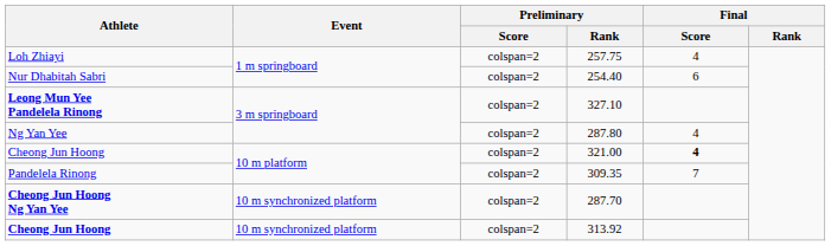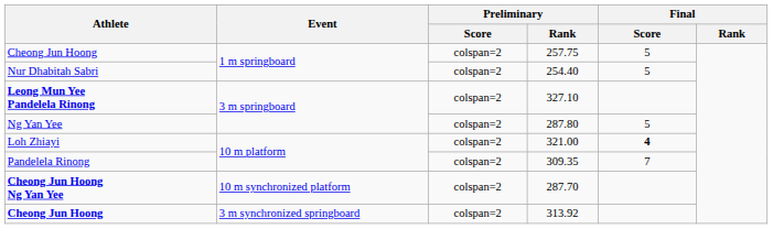 <table class="wikitable" width="75%" style="text-align:center; font-size:90%;">
 <tr>
 <th rowspan="2" width="15%">Athlete</th>
 <th rowspan="2" width="15%">Event</th>
 <th colspan="2" width="12%">Preliminary</th>
 <th colspan="2" width="12%">Final</th>
 </tr>
 <tr>
 <th width="7%">Score</th>
 <th>Rank</th>
 <th width="7%">Score</th>
 <th>Rank</th>
 </tr>
 <tr>
-<td align=left><a href='#'>Loh Zhiayi</a></td>
+<td align=left><a href='#'>Cheong Jun Hoong</a></td>
 <td align=left rowspan=2><a href='#'>1 m springboard</a></td>
 <td>colspan=2 </td>
 <td>257.75</td>
-<td>4</td>
+<td>5</td>
 </tr>
 <tr>
 <td align=left><a href='#'>Nur Dhabitah Sabri</a></td>
 <td>colspan=2 </td>
 <td>254.40</td>
-<td>6</td>
+<td>5</td>
 </tr>
 <tr>
 <td align=left><strong><a href='#'>Leong Mun Yee</a><br><a href='#'>Pandelela Rinong</a></strong></td>
 <td align=left rowspan=2><a href='#'>3 m springboard</a></td>
 <td>colspan=2 </td>
 <td>327.10</td>
 <td></td>
 </tr>
 <tr>
 <td align=left><a href='#'>Ng Yan Yee</a></td>
 <td>colspan=2 </td>
 <td>287.80</td>
-<td>4</td>
+<td>5</td>
 </tr>
 <tr>
-<td align=left><a href='#'>Cheong Jun Hoong</a></td>
+<td align=left><a href='#'>Loh Zhiayi</a></td>
 <td align=left rowspan=2><a href='#'>10 m platform</a></td>
 <td>colspan=2 </td>
 <td>321.00</td>
 <td><strong>4</strong></td>
 </tr>
 <tr>
 <td align=left><a href='#'>Pandelela Rinong</a></td>
 <td>colspan=2 </td>
 <td>309.35</td>
 <td>7</td>
 </tr>
 <tr>
 <td align=left><strong><a href='#'>Cheong Jun Hoong</a><br><a href='#'>Ng Yan Yee</a></strong></td>
 <td align=left><a href='#'>10 m synchronized platform</a></td>
 <td>colspan=2 </td>
 <td>287.70</td>
 <td></td>
 </tr>
 <tr>
 <td align=left><strong><a href='#'>Cheong Jun Hoong</a></strong></td>
-<td align=left><a href='#'>10 m synchronized platform</a></td>
+<td align=left><a href='#'>3 m synchronized springboard</a></td>
 <td>colspan=2 </td>
 <td>313.92</td>
 <td></td>
 </tr>
 </table>
